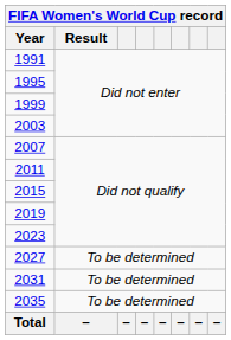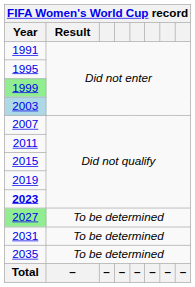 <table class="wikitable" style="text-align: center;">
 <tr>
 <th colspan=9><a href='#'>FIFA Women's World Cup</a> record</th>
 </tr>
 <tr>
 <th>Year</th>
 <th>Result</th>
 <th></th>
 <th></th>
 <th></th>
 <th></th>
 <th></th>
 <th></th>
 </tr>
 <tr>
 <td> <a href='#'>1991</a></td>
 <td colspan=7 rowspan=4><em>Did not enter</em></td>
 </tr>
 <tr>
 <td> <a href='#'>1995</a></td>
 </tr>
 <tr>
-<td> <a href='#'>1999</a></td>
+<td style="background: lightgreen;"> <a href='#'>1999</a></td>
 </tr>
 <tr>
-<td> <a href='#'>2003</a></td>
+<td style="background: lightblue;"> <a href='#'>2003</a></td>
 </tr>
 <tr>
 <td> <a href='#'>2007</a></td>
 <td colspan=7 rowspan=5><em>Did not qualify</em></td>
 </tr>
 <tr>
 <td> <a href='#'>2011</a></td>
 </tr>
 <tr>
 <td> <a href='#'>2015</a></td>
 </tr>
 <tr>
 <td> <a href='#'>2019</a></td>
 </tr>
 <tr>
-<td> <a href='#'>2023</a></td>
+<td><strong> <a href='#'>2023</a></strong></td>
 </tr>
 <tr>
-<td> <a href='#'>2027</a></td>
+<td style="background: lightgreen;"> <a href='#'>2027</a></td>
 <td colspan=7><em>To be determined</em></td>
 </tr>
 <tr>
 <td> <a href='#'>2031</a></td>
 <td colspan=7><em>To be determined</em></td>
 </tr>
 <tr>
 <td> <a href='#'>2035</a></td>
 <td colspan=7><em>To be determined</em></td>
 </tr>
 <tr>
 <th>Total</th>
 <th>–</th>
 <th>–</th>
 <th>–</th>
 <th>–</th>
 <th>–</th>
 <th>–</th>
 <th>–</th>
 </tr>
 </table>
